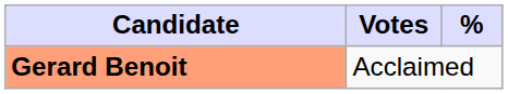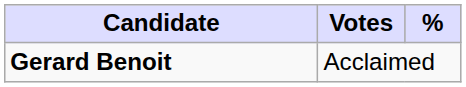 <table class="wikitable">
 <tr>
 <th style="background:#ddf; width:200px;">Candidate</th>
 <th style="background:#ddf; width:50px;">Votes</th>
 <th style="background:#ddf; width:30px;">%</th>
 </tr>
 <tr>
-<td style="background: lightsalmon;"><strong>Gerard Benoit</strong></td>
+<td><strong>Gerard Benoit</strong></td>
 <td colspan="2">Acclaimed</td>
 </tr>
 </table>
